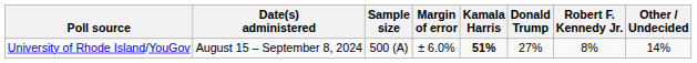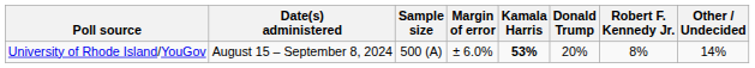 <table class="wikitable sortable mw-datatable" style="font-size:90%;text-align:center;line-height:17px">
 <tr valign=bottom>
 <th>Poll source</th>
 <th>Date(s)<br>administered</th>
 <th>Sample<br>size</th>
 <th>Margin<br>of error</th>
 <th class="unsortable">Kamala<br>Harris<br></th>
 <th class="unsortable">Donald<br>Trump<br></th>
 <th class="unsortable">Robert F.<br>Kennedy Jr.<br></th>
 <th class="unsortable">Other /<br>Undecided</th>
 </tr>
 <tr>
 <td style="text-align:left;"><a href='#'>University of Rhode Island</a>/<a href='#'>YouGov</a></td>
 <td data-sort-value="2024-09-16">August 15 – September 8, 2024</td>
 <td>500 (A)</td>
 <td>± 6.0%</td>
-<td style="color:black;background-color:"><strong>51%</strong></td>
-<td>27%</td>
+<td style="color:black;background-color:"><strong>53%</strong></td>
+<td>20%</td>
 <td>8%</td>
 <td>14%</td>
 </tr>
 </table>
